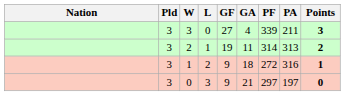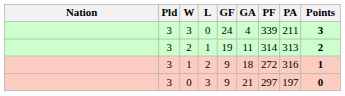 <table class=wikitable style="text-align:center">
 <tr>
 <th width=220>Nation</th>
 <th width=20>Pld</th>
 <th width=20>W</th>
 <th width=20>L</th>
 <th width=20>GF</th>
 <th width=20>GA</th>
 <th width=20>PF</th>
 <th width=20>PA</th>
 <th width=50>Points</th>
 </tr>
 <tr bgcolor="#ccffcc">
 <td align=left></td>
 <td>3</td>
 <td>3</td>
 <td>0</td>
-<td>27</td>
+<td>24</td>
 <td>4</td>
 <td>339</td>
 <td>211</td>
 <td><strong>3</strong></td>
 </tr>
 <tr bgcolor="#ccffcc">
 <td align=left></td>
 <td>3</td>
 <td>2</td>
 <td>1</td>
 <td>19</td>
 <td>11</td>
 <td>314</td>
 <td>313</td>
 <td><strong>2</strong></td>
 </tr>
 <tr bgcolor="#fcccc">
 <td align=left></td>
 <td>3</td>
 <td>1</td>
 <td>2</td>
 <td>9</td>
 <td>18</td>
 <td>272</td>
 <td>316</td>
 <td><strong>1</strong></td>
 </tr>
 <tr bgcolor="#fcccc">
 <td align=left></td>
 <td>3</td>
 <td>0</td>
 <td>3</td>
 <td>9</td>
 <td>21</td>
 <td>297</td>
 <td>197</td>
 <td><strong>0</strong></td>
 </tr>
 </table>
